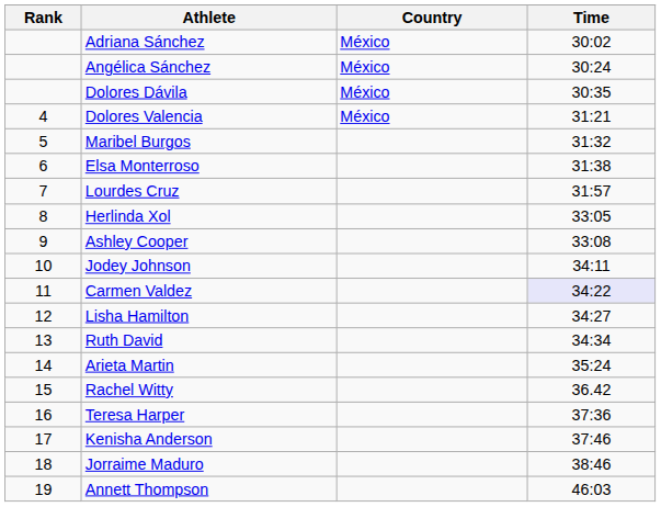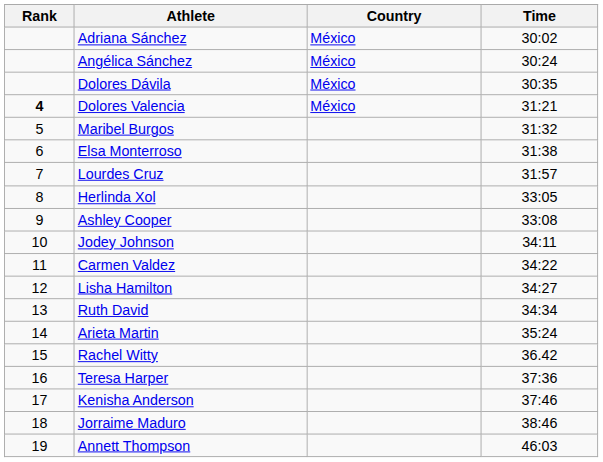 <table class="wikitable sortable" style=" text-align:center; font-size:95%;" width="50%">
 <tr>
 </tr>
 <tr>
 <th width=5%>Rank</th>
 <th width=20%>Athlete</th>
 <th width=15%>Country</th>
 <th width=10%>Time</th>
 </tr>
 <tr>
 <td align=center></td>
 <td align=left><a href='#'>Adriana Sánchez</a></td>
 <td align=left> <a href='#'>México</a></td>
 <td>30:02</td>
 </tr>
 <tr>
 <td align=center></td>
 <td align=left><a href='#'>Angélica Sánchez</a></td>
 <td align=left> <a href='#'>México</a></td>
 <td>30:24</td>
 </tr>
 <tr>
 <td align=center></td>
 <td align=left><a href='#'>Dolores Dávila</a></td>
 <td align=left> <a href='#'>México</a></td>
 <td>30:35</td>
 </tr>
 <tr>
-<td align=center>4</td>
+<td align=center><strong>4</strong></td>
 <td align=left><a href='#'>Dolores Valencia</a></td>
 <td align=left> <a href='#'>México</a></td>
 <td>31:21</td>
 </tr>
 <tr>
 <td align=center>5</td>
 <td align=left><a href='#'>Maribel Burgos</a></td>
 <td align=left></td>
 <td>31:32</td>
 </tr>
 <tr>
 <td align=center>6</td>
 <td align=left><a href='#'>Elsa Monterroso</a></td>
 <td align=left></td>
 <td>31:38</td>
 </tr>
 <tr>
 <td align=center>7</td>
 <td align=left><a href='#'>Lourdes Cruz</a></td>
 <td align=left></td>
 <td>31:57</td>
 </tr>
 <tr>
 <td align=center>8</td>
 <td align=left><a href='#'>Herlinda Xol</a></td>
 <td align=left></td>
 <td>33:05</td>
 </tr>
 <tr>
 <td align=center>9</td>
 <td align=left><a href='#'>Ashley Cooper</a></td>
 <td align=left></td>
 <td>33:08</td>
 </tr>
 <tr>
 <td align=center>10</td>
 <td align=left><a href='#'>Jodey Johnson</a></td>
 <td align=left></td>
 <td>34:11</td>
 </tr>
 <tr>
 <td align=center>11</td>
 <td align=left><a href='#'>Carmen Valdez</a></td>
 <td align=left></td>
-<td style="background: lavender;">34:22</td>
+<td>34:22</td>
 </tr>
 <tr>
 <td align=center>12</td>
 <td align=left><a href='#'>Lisha Hamilton</a></td>
 <td align=left></td>
 <td>34:27</td>
 </tr>
 <tr>
 <td align=center>13</td>
 <td align=left><a href='#'>Ruth David</a></td>
 <td align=left></td>
 <td>34:34</td>
 </tr>
 <tr>
 <td align=center>14</td>
 <td align=left><a href='#'>Arieta Martin</a></td>
 <td align=left></td>
 <td>35:24</td>
 </tr>
 <tr>
 <td align=center>15</td>
 <td align=left><a href='#'>Rachel Witty</a></td>
 <td align=left></td>
 <td>36.42</td>
 </tr>
 <tr>
 <td align=center>16</td>
 <td align=left><a href='#'>Teresa Harper</a></td>
 <td align=left></td>
 <td>37:36</td>
 </tr>
 <tr>
 <td align=center>17</td>
 <td align=left><a href='#'>Kenisha Anderson</a></td>
 <td align=left></td>
 <td>37:46</td>
 </tr>
 <tr>
 <td align=center>18</td>
 <td align=left><a href='#'>Jorraime Maduro</a></td>
 <td align=left></td>
 <td>38:46</td>
 </tr>
 <tr>
 <td align=center>19</td>
 <td align=left><a href='#'>Annett Thompson</a></td>
 <td align=left></td>
 <td>46:03</td>
 </tr>
 </table>
